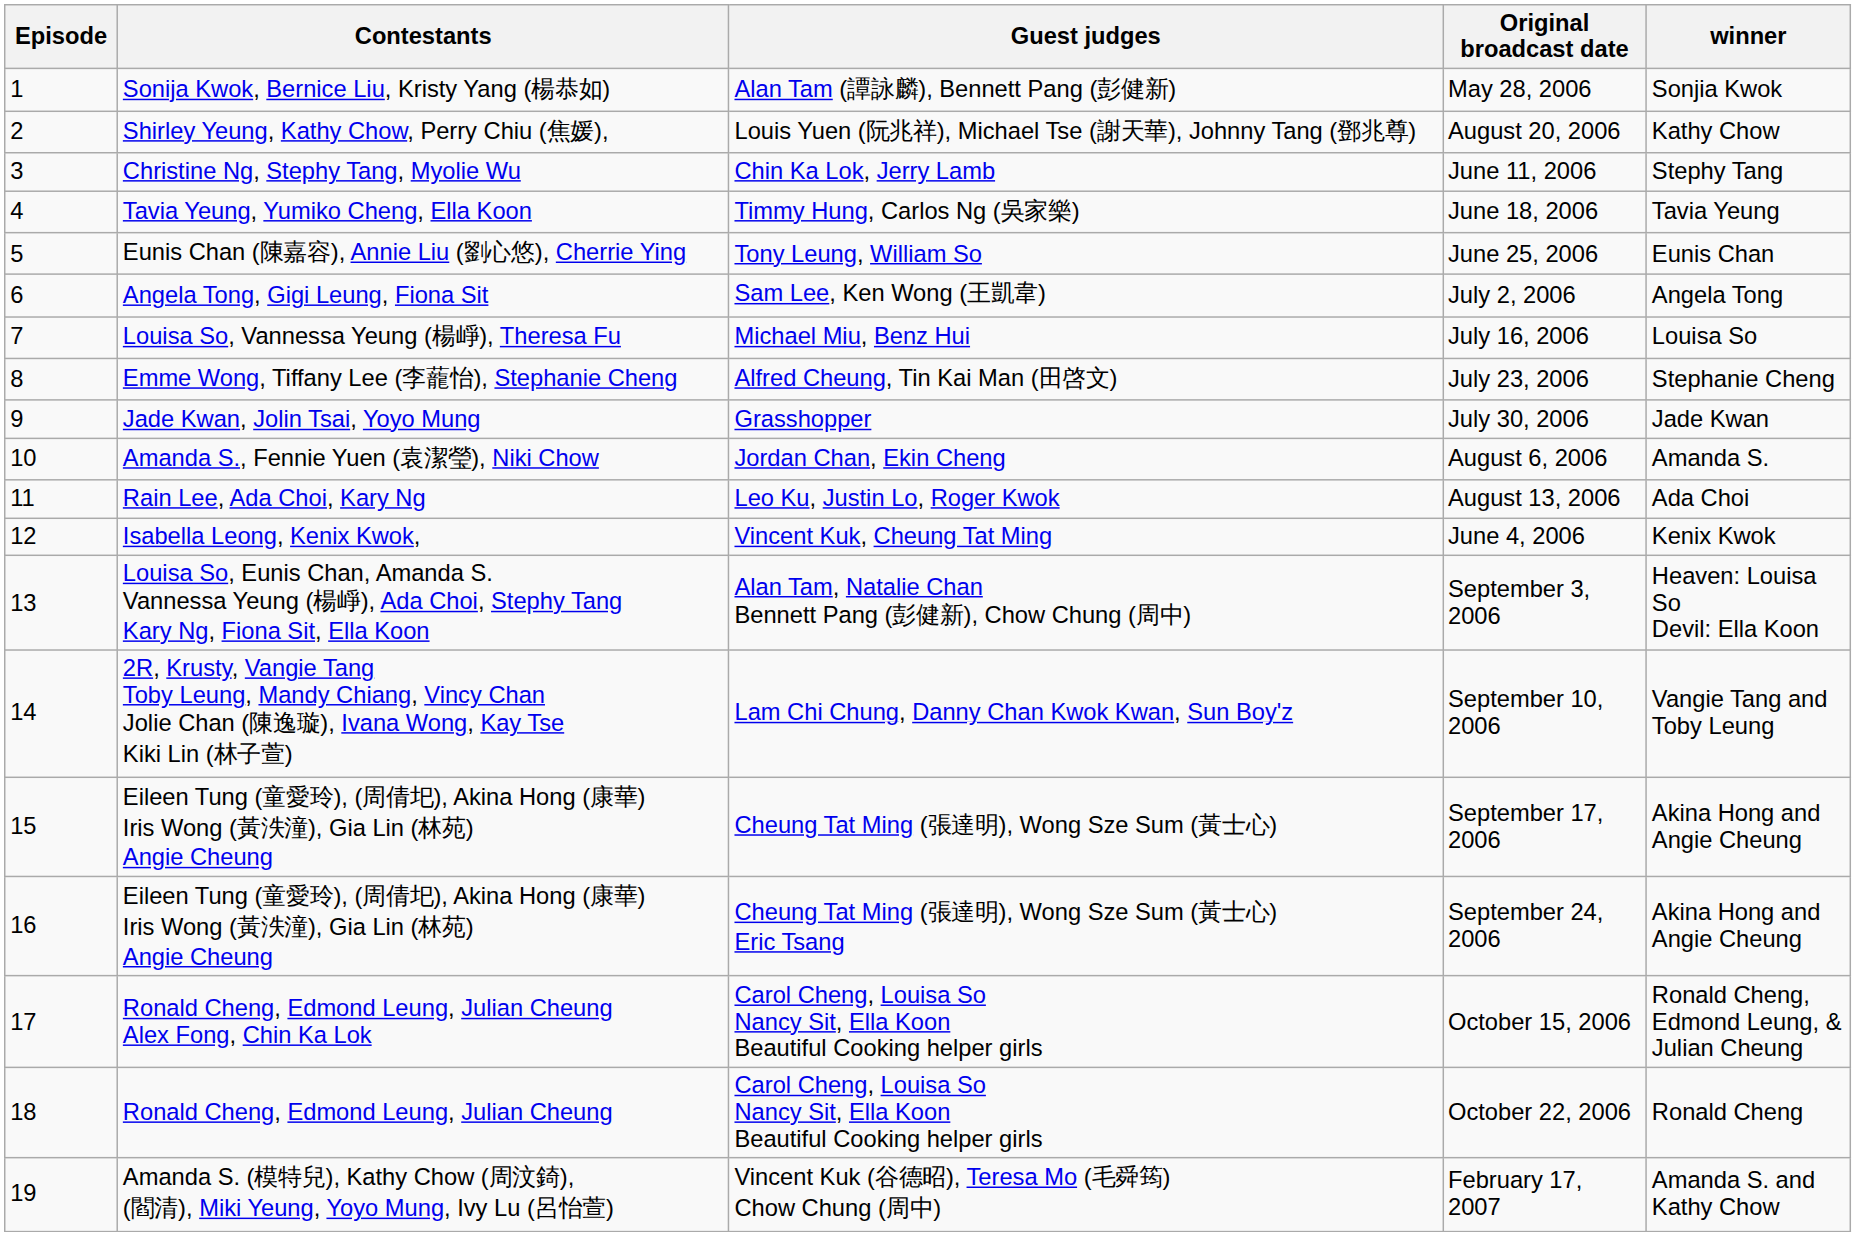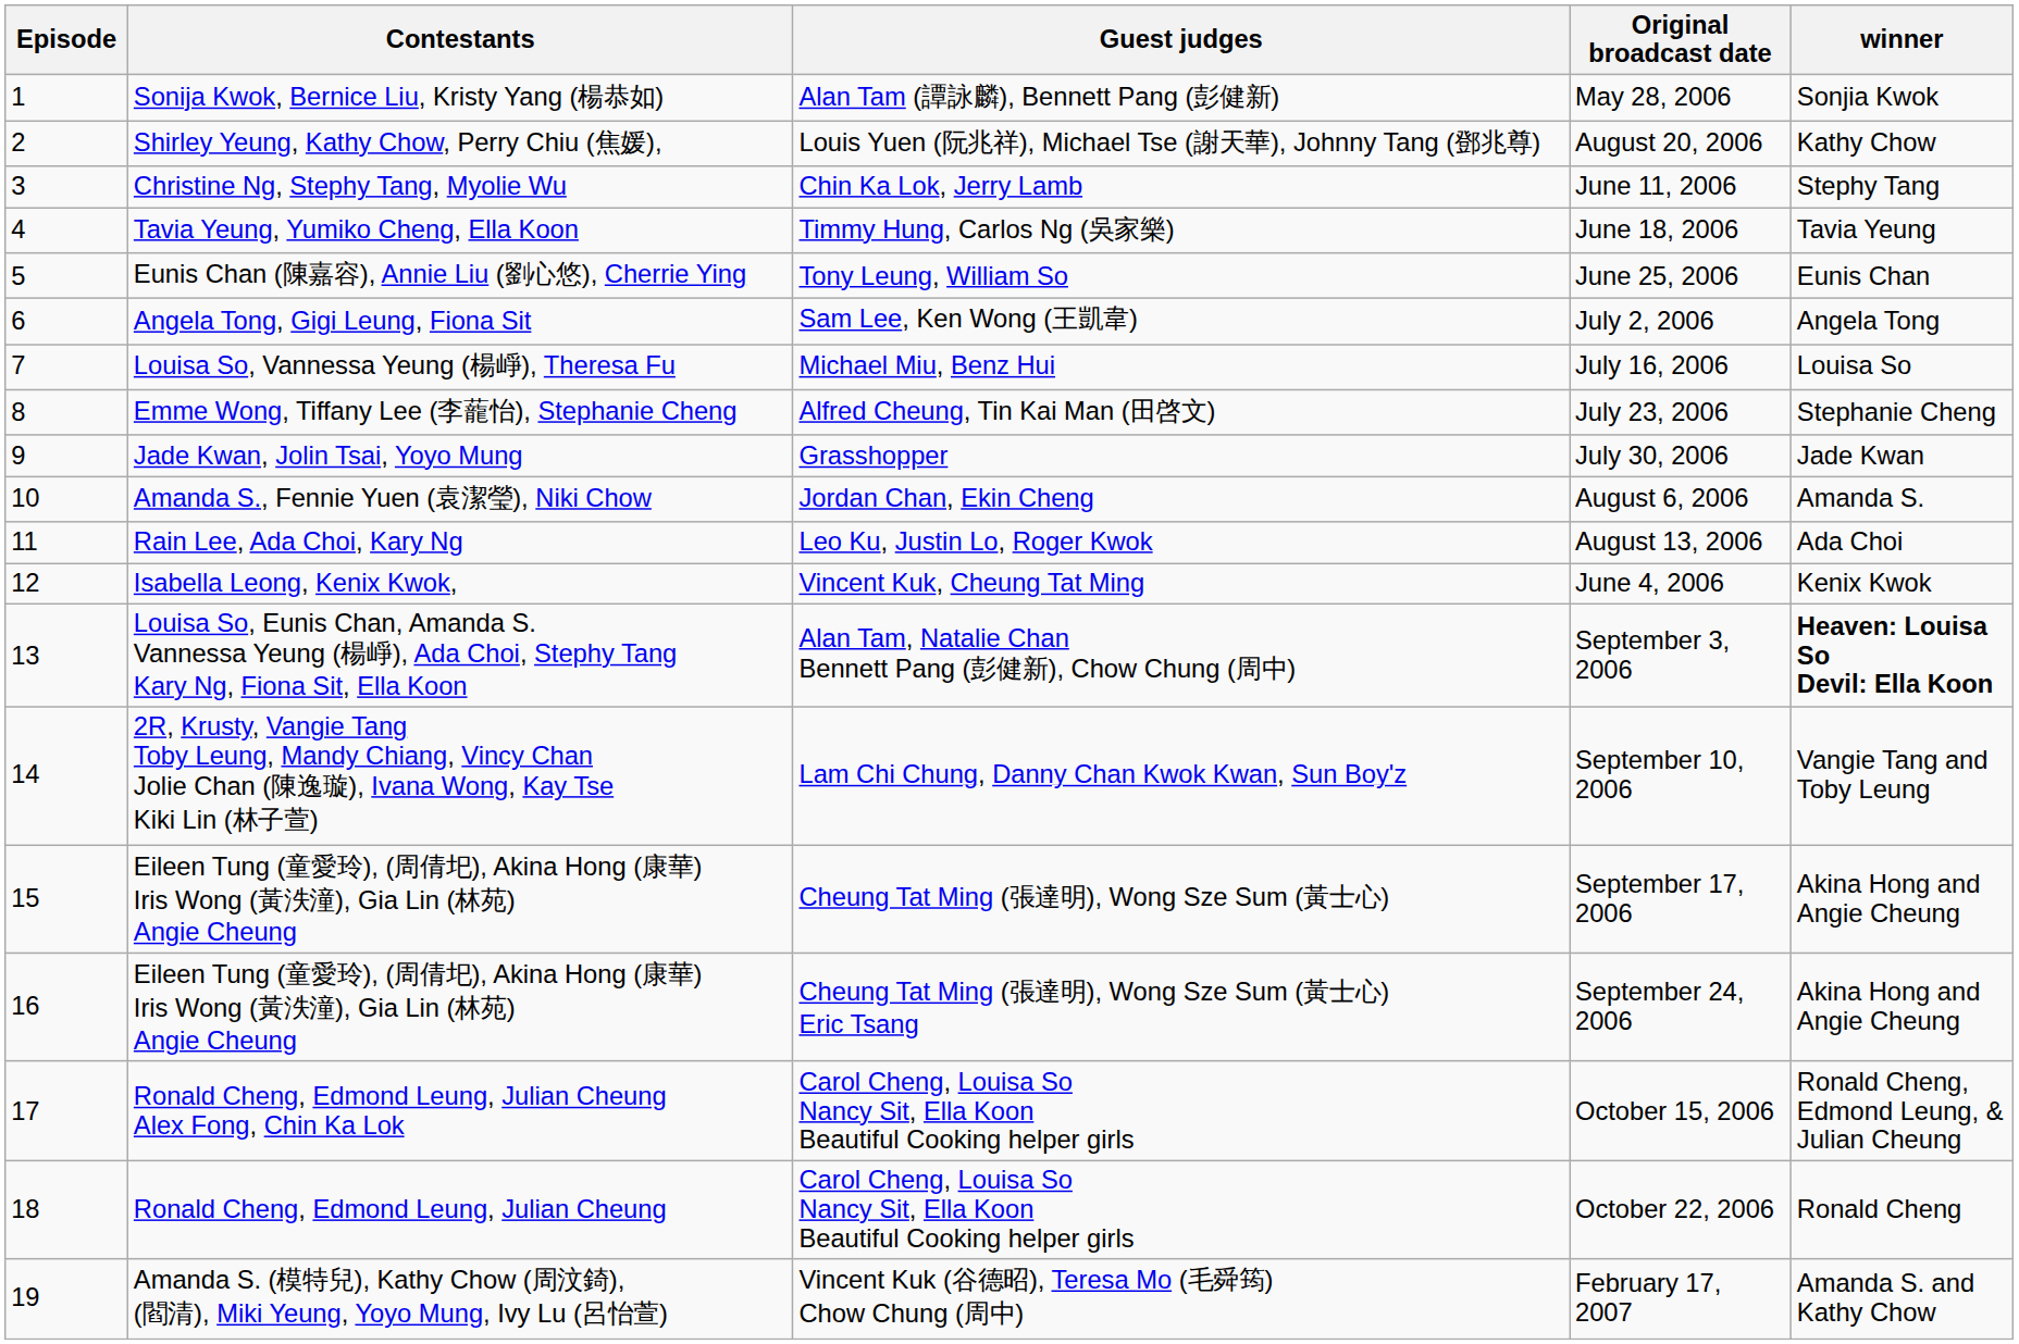 <table class="wikitable">
 <tr>
 <th width=5%>Episode</th>
 <th width=30%>Contestants</th>
 <th width=35%>Guest judges</th>
 <th width=10%>Original broadcast date</th>
 <th width=10%>winner</th>
 </tr>
 <tr>
 <td>1</td>
 <td><a href='#'>Sonija Kwok</a>, <a href='#'>Bernice Liu</a>, Kristy Yang (楊恭如)</td>
 <td><a href='#'>Alan Tam</a> (譚詠麟), Bennett Pang (彭健新)</td>
 <td>May 28, 2006</td>
 <td>Sonjia Kwok</td>
 </tr>
 <tr>
 <td>2</td>
 <td><a href='#'>Shirley Yeung</a>, <a href='#'>Kathy Chow</a>, Perry Chiu (焦媛),</td>
 <td>Louis Yuen (阮兆祥), Michael Tse (謝天華), Johnny Tang (鄧兆尊)</td>
 <td>August 20, 2006</td>
 <td>Kathy Chow</td>
 </tr>
 <tr>
 <td>3</td>
 <td><a href='#'>Christine Ng</a>, <a href='#'>Stephy Tang</a>, <a href='#'>Myolie Wu</a></td>
 <td><a href='#'>Chin Ka Lok</a>, <a href='#'>Jerry Lamb</a></td>
 <td>June 11, 2006</td>
 <td>Stephy Tang</td>
 </tr>
 <tr>
 <td>4</td>
 <td><a href='#'>Tavia Yeung</a>, <a href='#'>Yumiko Cheng</a>, <a href='#'>Ella Koon</a></td>
 <td><a href='#'>Timmy Hung</a>, Carlos Ng (吳家樂)</td>
 <td>June 18, 2006</td>
 <td>Tavia Yeung</td>
 </tr>
 <tr>
 <td>5</td>
 <td>Eunis Chan (陳嘉容), <a href='#'>Annie Liu</a> (劉心悠), <a href='#'>Cherrie Ying</a></td>
 <td><a href='#'>Tony Leung</a>, <a href='#'>William So</a></td>
 <td>June 25, 2006</td>
 <td>Eunis Chan</td>
 </tr>
 <tr>
 <td>6</td>
 <td><a href='#'>Angela Tong</a>, <a href='#'>Gigi Leung</a>, <a href='#'>Fiona Sit</a></td>
 <td><a href='#'>Sam Lee</a>, Ken Wong (王凱韋)</td>
 <td>July 2, 2006</td>
 <td>Angela Tong</td>
 </tr>
 <tr>
 <td>7</td>
 <td><a href='#'>Louisa So</a>, Vannessa Yeung (楊崢), <a href='#'>Theresa Fu</a></td>
 <td><a href='#'>Michael Miu</a>, <a href='#'>Benz Hui</a></td>
 <td>July 16, 2006</td>
 <td>Louisa So</td>
 </tr>
 <tr>
 <td>8</td>
 <td><a href='#'>Emme Wong</a>, Tiffany Lee (李蘢怡), <a href='#'>Stephanie Cheng</a></td>
 <td><a href='#'>Alfred Cheung</a>, Tin Kai Man (田啓文)</td>
 <td>July 23, 2006</td>
 <td>Stephanie Cheng</td>
 </tr>
 <tr>
 <td>9</td>
 <td><a href='#'>Jade Kwan</a>, <a href='#'>Jolin Tsai</a>, <a href='#'>Yoyo Mung</a></td>
 <td><a href='#'>Grasshopper</a></td>
 <td>July 30, 2006</td>
 <td>Jade Kwan</td>
 </tr>
 <tr>
 <td>10</td>
 <td><a href='#'>Amanda S.</a>, Fennie Yuen (袁潔瑩), <a href='#'>Niki Chow</a></td>
 <td><a href='#'>Jordan Chan</a>, <a href='#'>Ekin Cheng</a></td>
 <td>August 6, 2006</td>
 <td>Amanda S.</td>
 </tr>
 <tr>
 <td>11</td>
 <td><a href='#'>Rain Lee</a>, <a href='#'>Ada Choi</a>, <a href='#'>Kary Ng</a></td>
 <td><a href='#'>Leo Ku</a>, <a href='#'>Justin Lo</a>, <a href='#'>Roger Kwok</a></td>
 <td>August 13, 2006</td>
 <td>Ada Choi</td>
 </tr>
 <tr>
 <td>12</td>
 <td><a href='#'>Isabella Leong</a>, <a href='#'>Kenix Kwok</a>,</td>
 <td><a href='#'>Vincent Kuk</a>, <a href='#'>Cheung Tat Ming</a></td>
 <td>June 4, 2006</td>
 <td>Kenix Kwok</td>
 </tr>
 <tr>
 <td>13</td>
 <td><a href='#'>Louisa So</a>, Eunis Chan, Amanda S.<br>Vannessa Yeung (楊崢), <a href='#'>Ada Choi</a>, <a href='#'>Stephy Tang</a><br><a href='#'>Kary Ng</a>, <a href='#'>Fiona Sit</a>, <a href='#'>Ella Koon</a></td>
 <td><a href='#'>Alan Tam</a>, <a href='#'>Natalie Chan</a><br> Bennett Pang (彭健新), Chow Chung (周中)</td>
 <td>September 3, 2006</td>
-<td>Heaven: Louisa So<br>Devil: Ella Koon</td>
+<td><strong>Heaven: Louisa So<br>Devil: Ella Koon</strong></td>
 </tr>
 <tr>
 <td>14</td>
 <td><a href='#'>2R</a>, <a href='#'>Krusty</a>, <a href='#'>Vangie Tang</a><br> <a href='#'>Toby Leung</a>, <a href='#'>Mandy Chiang</a>, <a href='#'>Vincy Chan</a><br>Jolie Chan (陳逸璇), <a href='#'>Ivana Wong</a>, <a href='#'>Kay Tse</a><br> Kiki Lin (林子萱)</td>
 <td><a href='#'>Lam Chi Chung</a>, <a href='#'>Danny Chan Kwok Kwan</a>, <a href='#'>Sun Boy'z</a></td>
 <td>September 10, 2006</td>
 <td>Vangie Tang and Toby Leung</td>
 </tr>
 <tr>
 <td>15</td>
 <td>Eileen Tung (童愛玲), (周倩圯), Akina Hong (康華)<br>Iris Wong (黃泆潼), Gia Lin (林苑)<br><a href='#'>Angie Cheung</a></td>
 <td><a href='#'>Cheung Tat Ming</a> (張達明), Wong Sze Sum (黃士心)</td>
 <td>September 17, 2006</td>
 <td>Akina Hong and Angie Cheung</td>
 </tr>
 <tr>
 <td>16</td>
 <td>Eileen Tung (童愛玲), (周倩圯), Akina Hong (康華)<br>Iris Wong (黃泆潼), Gia Lin (林苑)<br><a href='#'>Angie Cheung</a></td>
 <td><a href='#'>Cheung Tat Ming</a> (張達明), Wong Sze Sum (黃士心)<br><a href='#'>Eric Tsang</a></td>
 <td>September 24, 2006</td>
 <td>Akina Hong and Angie Cheung</td>
 </tr>
 <tr>
 <td>17</td>
 <td><a href='#'>Ronald Cheng</a>, <a href='#'>Edmond Leung</a>, <a href='#'>Julian Cheung</a><br><a href='#'>Alex Fong</a>, <a href='#'>Chin Ka Lok</a></td>
 <td><a href='#'>Carol Cheng</a>, <a href='#'>Louisa So</a><br><a href='#'>Nancy Sit</a>, <a href='#'>Ella Koon</a><br>Beautiful Cooking helper girls</td>
 <td>October 15, 2006</td>
 <td>Ronald Cheng, Edmond Leung, & Julian Cheung</td>
 </tr>
 <tr>
 <td>18</td>
 <td><a href='#'>Ronald Cheng</a>, <a href='#'>Edmond Leung</a>, <a href='#'>Julian Cheung</a></td>
 <td><a href='#'>Carol Cheng</a>, <a href='#'>Louisa So</a><br><a href='#'>Nancy Sit</a>, <a href='#'>Ella Koon</a><br>Beautiful Cooking helper girls</td>
 <td>October 22, 2006</td>
 <td>Ronald Cheng</td>
 </tr>
 <tr>
 <td>19</td>
 <td>Amanda S. (模特兒), Kathy Chow (周汶錡), <br>(閻清), <a href='#'>Miki Yeung</a>, <a href='#'>Yoyo Mung</a>, Ivy Lu (呂怡萱)</td>
 <td>Vincent Kuk (谷德昭), <a href='#'>Teresa Mo</a> (毛舜筠)<br>Chow Chung (周中)</td>
 <td>February 17, 2007</td>
 <td>Amanda S. and Kathy Chow</td>
 </tr>
 <tr>
 </tr>
 </table>
